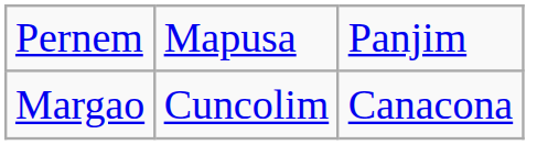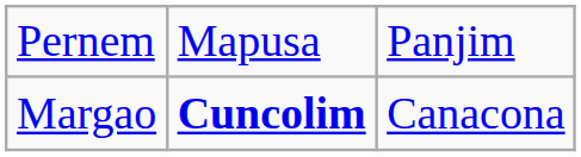 <table class="wikitable">
 <tr>
 <td><a href='#'>Pernem</a></td>
 <td><a href='#'>Mapusa</a></td>
 <td><a href='#'>Panjim</a></td>
 </tr>
 <tr>
 <td><a href='#'>Margao</a></td>
-<td><a href='#'>Cuncolim</a></td>
+<td><strong><a href='#'>Cuncolim</a></strong></td>
 <td><a href='#'>Canacona</a></td>
 </tr>
 </table>
